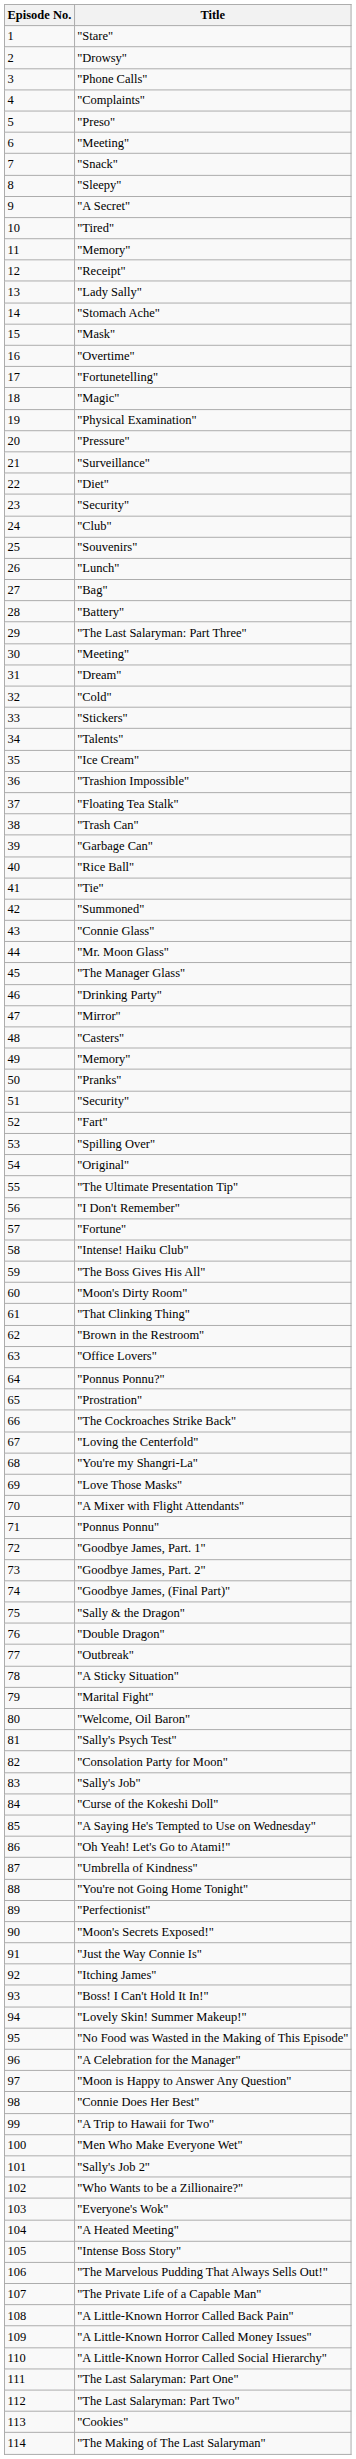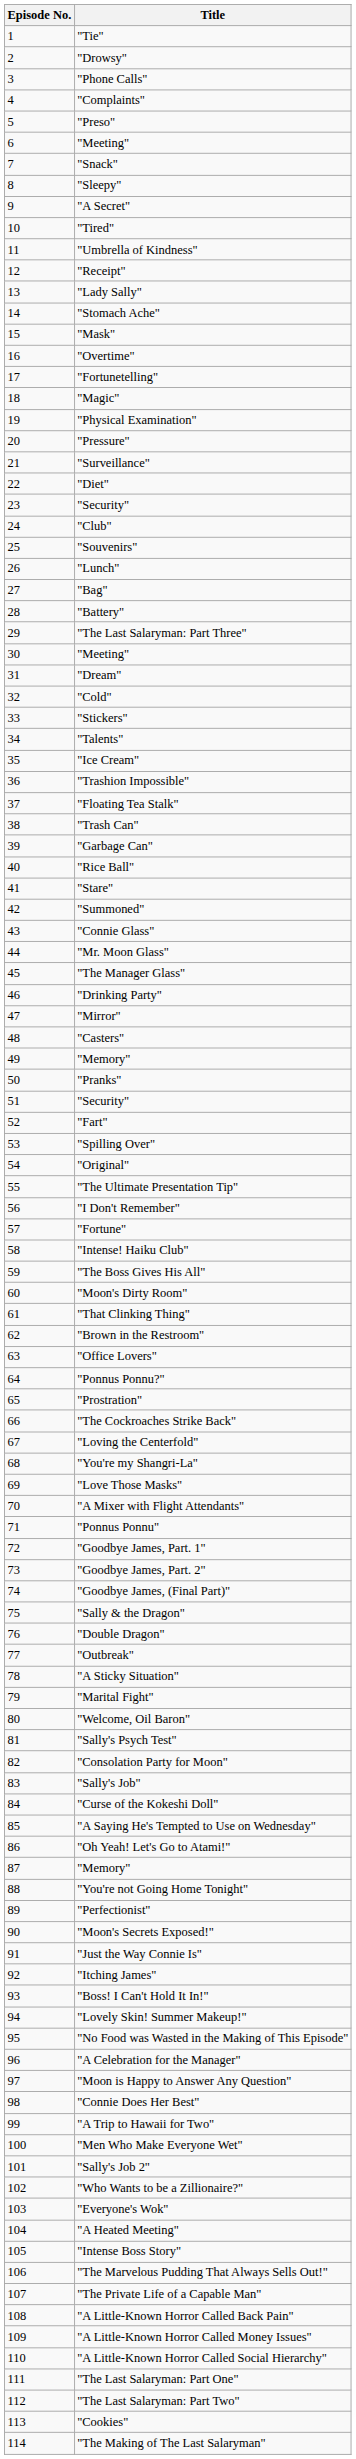 <table class="wikitable mw-collapsible mw-collapsed" style="font-size:small;">
 <tr>
 <th>Episode No.</th>
 <th>Title</th>
 </tr>
 <tr>
 <td rowspan="1">1</td>
-<td>"Stare"</td>
+<td>"Tie"</td>
 </tr>
 <tr>
 <td rowspan="1">2</td>
 <td>"Drowsy"</td>
 </tr>
 <tr>
 <td rowspan="1">3</td>
 <td>"Phone Calls"</td>
 </tr>
 <tr>
 <td rowspan="1">4</td>
 <td>"Complaints"</td>
 </tr>
 <tr>
 <td rowspan="1">5</td>
 <td>"Preso"</td>
 </tr>
 <tr>
 <td rowspan="1">6</td>
 <td>"Meeting"</td>
 </tr>
 <tr>
 <td rowspan="1">7</td>
 <td>"Snack"</td>
 </tr>
 <tr>
 <td rowspan="1">8</td>
 <td>"Sleepy"</td>
 </tr>
 <tr>
 <td rowspan="1">9</td>
 <td>"A Secret"</td>
 </tr>
 <tr>
 <td rowspan="1">10</td>
 <td>"Tired"</td>
 </tr>
 <tr>
 <td rowspan="1">11</td>
-<td>"Memory"</td>
+<td>"Umbrella of Kindness"</td>
 </tr>
 <tr>
 <td rowspan="1">12</td>
 <td>"Receipt"</td>
 </tr>
 <tr>
 <td rowspan="1">13</td>
 <td>"Lady Sally"</td>
 </tr>
 <tr>
 <td rowspan="1">14</td>
 <td>"Stomach Ache"</td>
 </tr>
 <tr>
 <td rowspan="1">15</td>
 <td>"Mask"</td>
 </tr>
 <tr>
 <td rowspan="1">16</td>
 <td>"Overtime"</td>
 </tr>
 <tr>
 <td rowspan="1">17</td>
 <td>"Fortunetelling"</td>
 </tr>
 <tr>
 <td rowspan="1">18</td>
 <td>"Magic"</td>
 </tr>
 <tr>
 <td rowspan="1">19</td>
 <td>"Physical Examination"</td>
 </tr>
 <tr>
 <td rowspan="1">20</td>
 <td>"Pressure"</td>
 </tr>
 <tr>
 <td rowspan="1">21</td>
 <td>"Surveillance"</td>
 </tr>
 <tr>
 <td rowspan="1">22</td>
 <td>"Diet"</td>
 </tr>
 <tr>
 <td rowspan="1">23</td>
 <td>"Security"</td>
 </tr>
 <tr>
 <td rowspan="1">24</td>
 <td>"Club"</td>
 </tr>
 <tr>
 <td rowspan="1">25</td>
 <td>"Souvenirs"</td>
 </tr>
 <tr>
 <td rowspan="1">26</td>
 <td>"Lunch"</td>
 </tr>
 <tr>
 <td rowspan="1">27</td>
 <td>"Bag"</td>
 </tr>
 <tr>
 <td rowspan="1">28</td>
 <td>"Battery"</td>
 </tr>
 <tr>
 <td rowspan="1">29</td>
 <td>"The Last Salaryman: Part Three"</td>
 </tr>
 <tr>
 <td rowspan="1">30</td>
 <td>"Meeting"</td>
 </tr>
 <tr>
 <td rowspan="1">31</td>
 <td>"Dream"</td>
 </tr>
 <tr>
 <td rowspan="1">32</td>
 <td>"Cold"</td>
 </tr>
 <tr>
 <td rowspan="1">33</td>
 <td>"Stickers"</td>
 </tr>
 <tr>
 <td rowspan="1">34</td>
 <td>"Talents"</td>
 </tr>
 <tr>
 <td rowspan="1">35</td>
 <td>"Ice Cream"</td>
 </tr>
 <tr>
 <td rowspan="1">36</td>
 <td>"Trashion Impossible"</td>
 </tr>
 <tr>
 <td rowspan="1">37</td>
 <td>"Floating Tea Stalk"</td>
 </tr>
 <tr>
 <td rowspan="1">38</td>
 <td>"Trash Can"</td>
 </tr>
 <tr>
 <td rowspan="1">39</td>
 <td>"Garbage Can"</td>
 </tr>
 <tr>
 <td rowspan="1">40</td>
 <td>"Rice Ball"</td>
 </tr>
 <tr>
 <td rowspan="1">41</td>
-<td>"Tie"</td>
+<td>"Stare"</td>
 </tr>
 <tr>
 <td rowspan="1">42</td>
 <td>"Summoned"</td>
 </tr>
 <tr>
 <td rowspan="1">43</td>
 <td>"Connie Glass"</td>
 </tr>
 <tr>
 <td rowspan="1">44</td>
 <td>"Mr. Moon Glass"</td>
 </tr>
 <tr>
 <td rowspan="1">45</td>
 <td>"The Manager Glass"</td>
 </tr>
 <tr>
 <td rowspan="1">46</td>
 <td>"Drinking Party"</td>
 </tr>
 <tr>
 <td rowspan="1">47</td>
 <td>"Mirror"</td>
 </tr>
 <tr>
 <td rowspan="1">48</td>
 <td>"Casters"</td>
 </tr>
 <tr>
 <td rowspan="1">49</td>
 <td>"Memory"</td>
 </tr>
 <tr>
 <td rowspan="1">50</td>
 <td>"Pranks"</td>
 </tr>
 <tr>
 <td rowspan="1">51</td>
 <td>"Security"</td>
 </tr>
 <tr>
 <td rowspan="1">52</td>
 <td>"Fart"</td>
 </tr>
 <tr>
 <td rowspan="1">53</td>
 <td>"Spilling Over"</td>
 </tr>
 <tr>
 <td rowspan="1">54</td>
 <td>"Original"</td>
 </tr>
 <tr>
 <td rowspan="1">55</td>
 <td>"The Ultimate Presentation Tip"</td>
 </tr>
 <tr>
 <td rowspan="1">56</td>
 <td>"I Don't Remember"</td>
 </tr>
 <tr>
 <td rowspan="1">57</td>
 <td>"Fortune"</td>
 </tr>
 <tr>
 <td rowspan="1">58</td>
 <td>"Intense! Haiku Club"</td>
 </tr>
 <tr>
 <td rowspan="1">59</td>
 <td>"The Boss Gives His All"</td>
 </tr>
 <tr>
 <td rowspan="1">60</td>
 <td>"Moon's Dirty Room"</td>
 </tr>
 <tr>
 <td rowspan="1">61</td>
 <td>"That Clinking Thing"</td>
 </tr>
 <tr>
 <td rowspan="1">62</td>
 <td>"Brown in the Restroom"</td>
 </tr>
 <tr>
 <td rowspan="1">63</td>
 <td>"Office Lovers"</td>
 </tr>
 <tr>
 <td rowspan="1">64</td>
 <td>"Ponnus Ponnu?"</td>
 </tr>
 <tr>
 <td rowspan="1">65</td>
 <td>"Prostration"</td>
 </tr>
 <tr>
 <td rowspan="1">66</td>
 <td>"The Cockroaches Strike Back"</td>
 </tr>
 <tr>
 <td rowspan="1">67</td>
 <td>"Loving the Centerfold"</td>
 </tr>
 <tr>
 <td rowspan="1">68</td>
 <td>"You're my Shangri-La"</td>
 </tr>
 <tr>
 <td rowspan="1">69</td>
 <td>"Love Those Masks"</td>
 </tr>
 <tr>
 <td rowspan="1">70</td>
 <td>"A Mixer with Flight Attendants"</td>
 </tr>
 <tr>
 <td rowspan="1">71</td>
 <td>"Ponnus Ponnu"</td>
 </tr>
 <tr>
 <td rowspan="1">72</td>
 <td>"Goodbye James, Part. 1"</td>
 </tr>
 <tr>
 <td rowspan="1">73</td>
 <td>"Goodbye James, Part. 2"</td>
 </tr>
 <tr>
 <td rowspan="1">74</td>
 <td>"Goodbye James, (Final Part)"</td>
 </tr>
 <tr>
 <td rowspan="1">75</td>
 <td>"Sally & the Dragon"</td>
 </tr>
 <tr>
 <td rowspan="1">76</td>
 <td>"Double Dragon"</td>
 </tr>
 <tr>
 <td rowspan="1">77</td>
 <td>"Outbreak"</td>
 </tr>
 <tr>
 <td rowspan="1">78</td>
 <td>"A Sticky Situation"</td>
 </tr>
 <tr>
 <td rowspan="1">79</td>
 <td>"Marital Fight"</td>
 </tr>
 <tr>
 <td rowspan="1">80</td>
 <td>"Welcome, Oil Baron"</td>
 </tr>
 <tr>
 <td rowspan="1">81</td>
 <td>"Sally's Psych Test"</td>
 </tr>
 <tr>
 <td rowspan="1">82</td>
 <td>"Consolation Party for Moon"</td>
 </tr>
 <tr>
 <td rowspan="1">83</td>
 <td>"Sally's Job"</td>
 </tr>
 <tr>
 <td rowspan="1">84</td>
 <td>"Curse of the Kokeshi Doll"</td>
 </tr>
 <tr>
 <td rowspan="1">85</td>
 <td>"A Saying He's Tempted to Use on Wednesday"</td>
 </tr>
 <tr>
 <td rowspan="1">86</td>
 <td>"Oh Yeah! Let's Go to Atami!"</td>
 </tr>
 <tr>
 <td rowspan="1">87</td>
-<td>"Umbrella of Kindness"</td>
+<td>"Memory"</td>
 </tr>
 <tr>
 <td rowspan="1">88</td>
 <td>"You're not Going Home Tonight"</td>
 </tr>
 <tr>
 <td rowspan="1">89</td>
 <td>"Perfectionist"</td>
 </tr>
 <tr>
 <td rowspan="1">90</td>
 <td>"Moon's Secrets Exposed!"</td>
 </tr>
 <tr>
 <td rowspan="1">91</td>
 <td>"Just the Way Connie Is"</td>
 </tr>
 <tr>
 <td rowspan="1">92</td>
 <td>"Itching James"</td>
 </tr>
 <tr>
 <td rowspan="1">93</td>
 <td>"Boss! I Can't Hold It In!"</td>
 </tr>
 <tr>
 <td rowspan="1">94</td>
 <td>"Lovely Skin! Summer Makeup!"</td>
 </tr>
 <tr>
 <td rowspan="1">95</td>
 <td>"No Food was Wasted in the Making of This Episode"</td>
 </tr>
 <tr>
 <td rowspan="1">96</td>
 <td>"A Celebration for the Manager"</td>
 </tr>
 <tr>
 <td rowspan="1">97</td>
 <td>"Moon is Happy to Answer Any Question"</td>
 </tr>
 <tr>
 <td rowspan="1">98</td>
 <td>"Connie Does Her Best"</td>
 </tr>
 <tr>
 <td rowspan="1">99</td>
 <td>"A Trip to Hawaii for Two"</td>
 </tr>
 <tr>
 <td rowspan="1">100</td>
 <td>"Men Who Make Everyone Wet"</td>
 </tr>
 <tr>
 <td rowspan="1">101</td>
 <td>"Sally's Job 2"</td>
 </tr>
 <tr>
 <td rowspan="1">102</td>
 <td>"Who Wants to be a Zillionaire?"</td>
 </tr>
 <tr>
 <td rowspan="1">103</td>
 <td>"Everyone's Wok"</td>
 </tr>
 <tr>
 <td rowspan="1">104</td>
 <td>"A Heated Meeting"</td>
 </tr>
 <tr>
 <td rowspan="1">105</td>
 <td>"Intense Boss Story"</td>
 </tr>
 <tr>
 <td rowspan="1">106</td>
 <td>"The Marvelous Pudding That Always Sells Out!"</td>
 </tr>
 <tr>
 <td rowspan="1">107</td>
 <td>"The Private Life of a Capable Man"</td>
 </tr>
 <tr>
 <td rowspan="1">108</td>
 <td>"A Little-Known Horror Called Back Pain"</td>
 </tr>
 <tr>
 <td rowspan="1">109</td>
 <td>"A Little-Known Horror Called Money Issues"</td>
 </tr>
 <tr>
 <td rowspan="1">110</td>
 <td>"A Little-Known Horror Called Social Hierarchy"</td>
 </tr>
 <tr>
 <td rowspan="1">111</td>
 <td>"The Last Salaryman: Part One"</td>
 </tr>
 <tr>
 <td rowspan="1">112</td>
 <td>"The Last Salaryman: Part Two"</td>
 </tr>
 <tr>
 <td rowspan="1">113</td>
 <td>"Cookies"</td>
 </tr>
 <tr>
 <td rowspan="1">114</td>
 <td>"The Making of The Last Salaryman"</td>
 </tr>
 </table>
